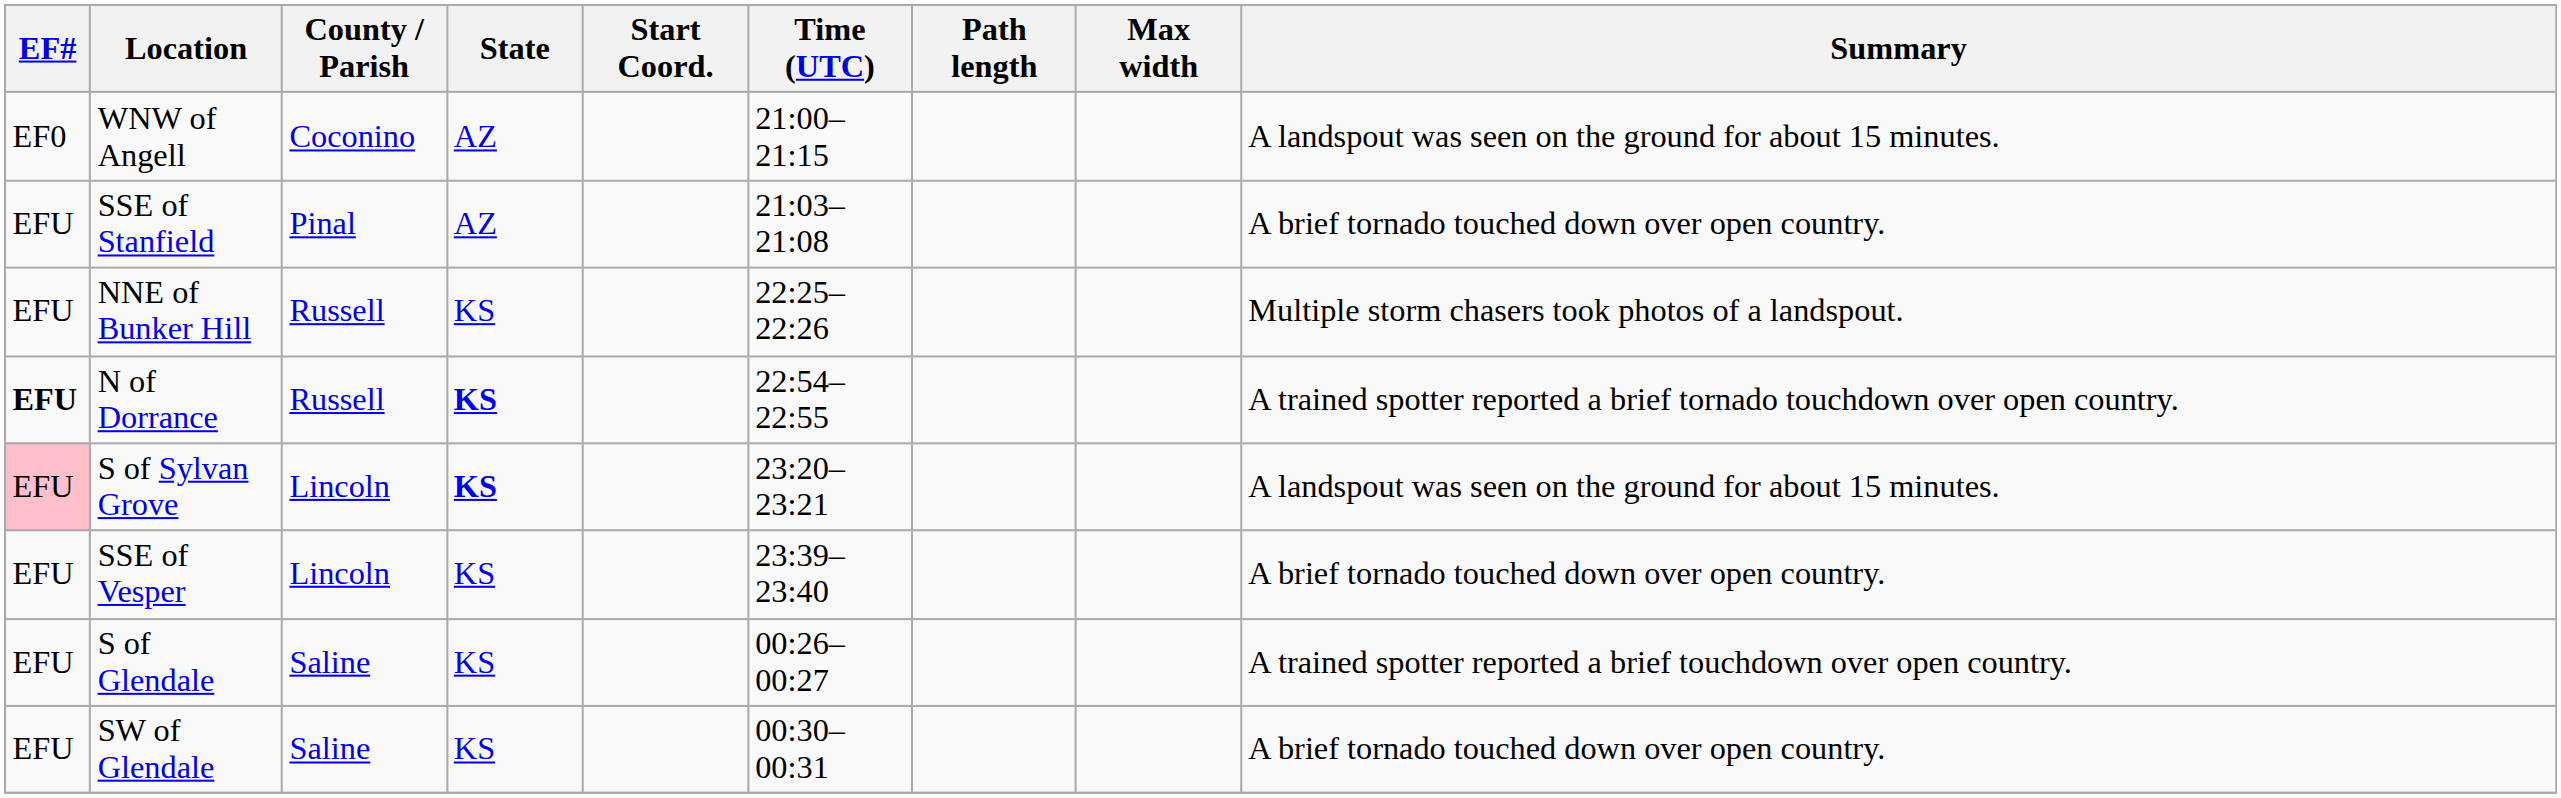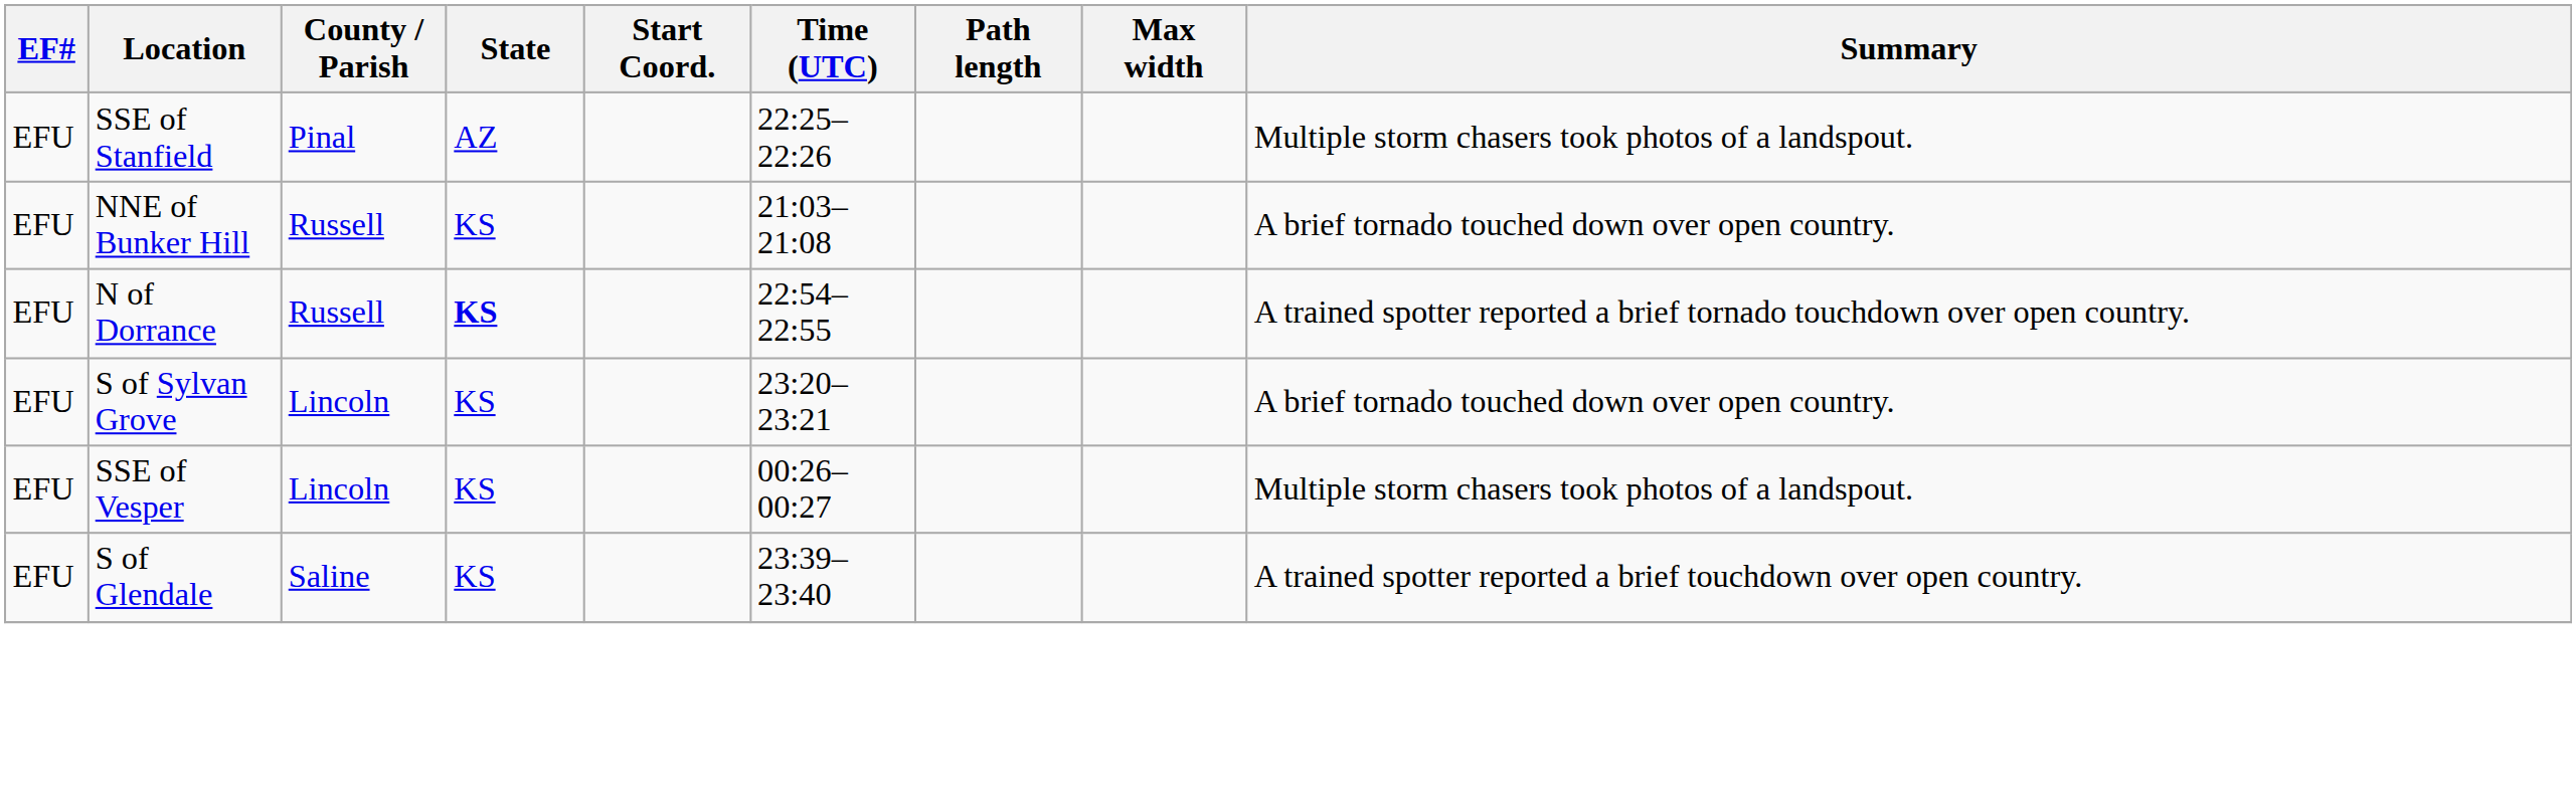 <table class="wikitable sortable" style="width:100%;">
 <tr>
 <th scope="col"  style="width:3%; text-align:center;"><a href='#'>EF#</a></th>
 <th scope="col"  style="width:7%; text-align:center;" class="unsortable">Location</th>
 <th scope="col"  style="width:6%; text-align:center;" class="unsortable">County / Parish</th>
 <th scope="col"  style="width:5%; text-align:center;">State</th>
 <th scope="col"  style="width:6%; text-align:center;">Start Coord.</th>
 <th scope="col"  style="width:6%; text-align:center;">Time (<a href='#'>UTC</a>)</th>
 <th scope="col"  style="width:6%; text-align:center;">Path length</th>
 <th scope="col"  style="width:6%; text-align:center;">Max width</th>
 <th scope="col" class="unsortable" style="width:48%; text-align:center;">Summary</th>
 </tr>
 <tr>
-<td>EF0</td>
-<td>WNW of Angell</td>
-<td><a href='#'>Coconino</a></td>
-<td><a href='#'>AZ</a></td>
-<td></td>
-<td>21:00–21:15</td>
-<td></td>
-<td></td>
-<td>A landspout was seen on the ground for about 15 minutes.</td>
-</tr>
-<tr>
 <td>EFU</td>
 <td>SSE of <a href='#'>Stanfield</a></td>
 <td><a href='#'>Pinal</a></td>
 <td><a href='#'>AZ</a></td>
+<td></td>
+<td>22:25–22:26</td>
+<td></td>
+<td></td>
+<td>Multiple storm chasers took photos of a landspout.</td>
+</tr>
+<tr>
+<td>EFU</td>
+<td>NNE of <a href='#'>Bunker Hill</a></td>
+<td><a href='#'>Russell</a></td>
+<td><a href='#'>KS</a></td>
 <td></td>
 <td>21:03–21:08</td>
 <td></td>
 <td></td>
 <td>A brief tornado touched down over open country.</td>
 </tr>
 <tr>
 <td>EFU</td>
-<td>NNE of <a href='#'>Bunker Hill</a></td>
-<td><a href='#'>Russell</a></td>
-<td><a href='#'>KS</a></td>
-<td></td>
-<td>22:25–22:26</td>
-<td></td>
-<td></td>
-<td>Multiple storm chasers took photos of a landspout.</td>
-</tr>
-<tr>
-<td><strong>EFU</strong></td>
 <td>N of <a href='#'>Dorrance</a></td>
 <td><a href='#'>Russell</a></td>
 <td><strong><a href='#'>KS</a></strong></td>
 <td></td>
 <td>22:54–22:55</td>
 <td></td>
 <td></td>
 <td>A trained spotter reported a brief tornado touchdown over open country.</td>
 </tr>
 <tr>
-<td style="background: pink;">EFU</td>
+<td>EFU</td>
 <td>S of <a href='#'>Sylvan Grove</a></td>
 <td><a href='#'>Lincoln</a></td>
-<td><strong><a href='#'>KS</a></strong></td>
+<td><a href='#'>KS</a></td>
 <td></td>
 <td>23:20–23:21</td>
 <td></td>
 <td></td>
-<td>A landspout was seen on the ground for about 15 minutes.</td>
+<td>A brief tornado touched down over open country.</td>
 </tr>
 <tr>
 <td>EFU</td>
 <td>SSE of <a href='#'>Vesper</a></td>
 <td><a href='#'>Lincoln</a></td>
 <td><a href='#'>KS</a></td>
 <td></td>
-<td>23:39–23:40</td>
+<td>00:26–00:27</td>
 <td></td>
 <td></td>
-<td>A brief tornado touched down over open country.</td>
+<td>Multiple storm chasers took photos of a landspout.</td>
 </tr>
 <tr>
 <td>EFU</td>
 <td>S of <a href='#'>Glendale</a></td>
 <td><a href='#'>Saline</a></td>
 <td><a href='#'>KS</a></td>
 <td></td>
-<td>00:26–00:27</td>
+<td>23:39–23:40</td>
 <td></td>
 <td></td>
 <td>A trained spotter reported a brief touchdown over open country.</td>
 </tr>
 <tr>
-<td>EFU</td>
-<td>SW of <a href='#'>Glendale</a></td>
-<td><a href='#'>Saline</a></td>
-<td><a href='#'>KS</a></td>
-<td></td>
-<td>00:30–00:31</td>
-<td></td>
-<td></td>
-<td>A brief tornado touched down over open country.</td>
-</tr>
-<tr>
 </tr>
 </table>
